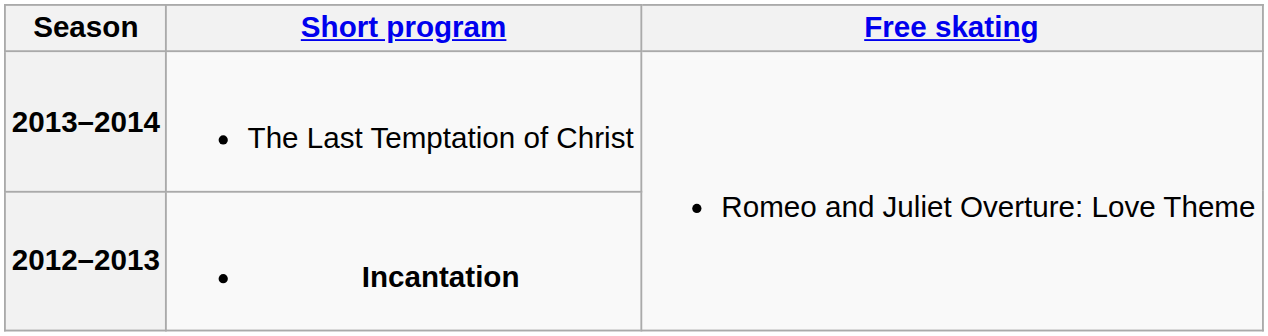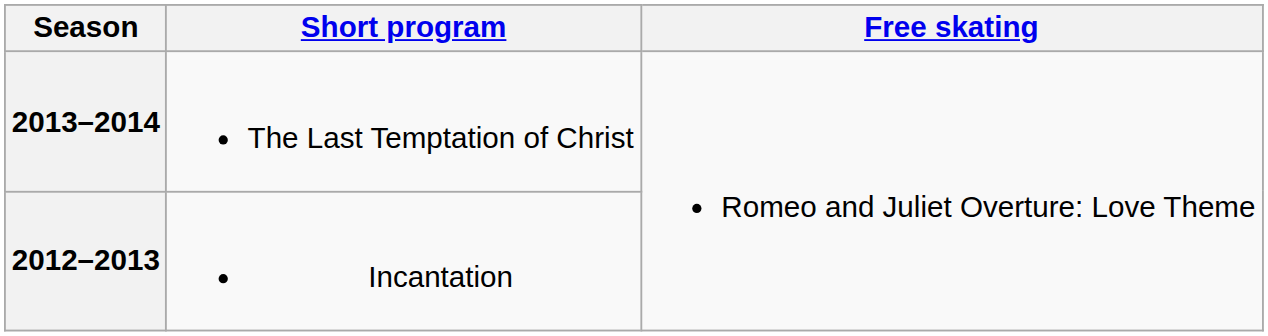 <table class=wikitable style=text-align:center>
 <tr>
 <th>Season</th>
 <th><a href='#'>Short program</a></th>
 <th><a href='#'>Free skating</a></th>
 </tr>
 <tr>
 <th>2013–2014 <br> </th>
 <td><br><ul><li>The Last Temptation of Christ <br></li></ul></td>
 <td rowspan=2><br><ul><li>Romeo and Juliet Overture: Love Theme <br></li></ul></td>
 </tr>
 <tr>
 <th>2012–2013 <br> </th>
-<td><strong><br><ul><li>Incantation <br></li></ul></strong></td>
+<td><br><ul><li>Incantation <br></li></ul></td>
 </tr>
 </table>
